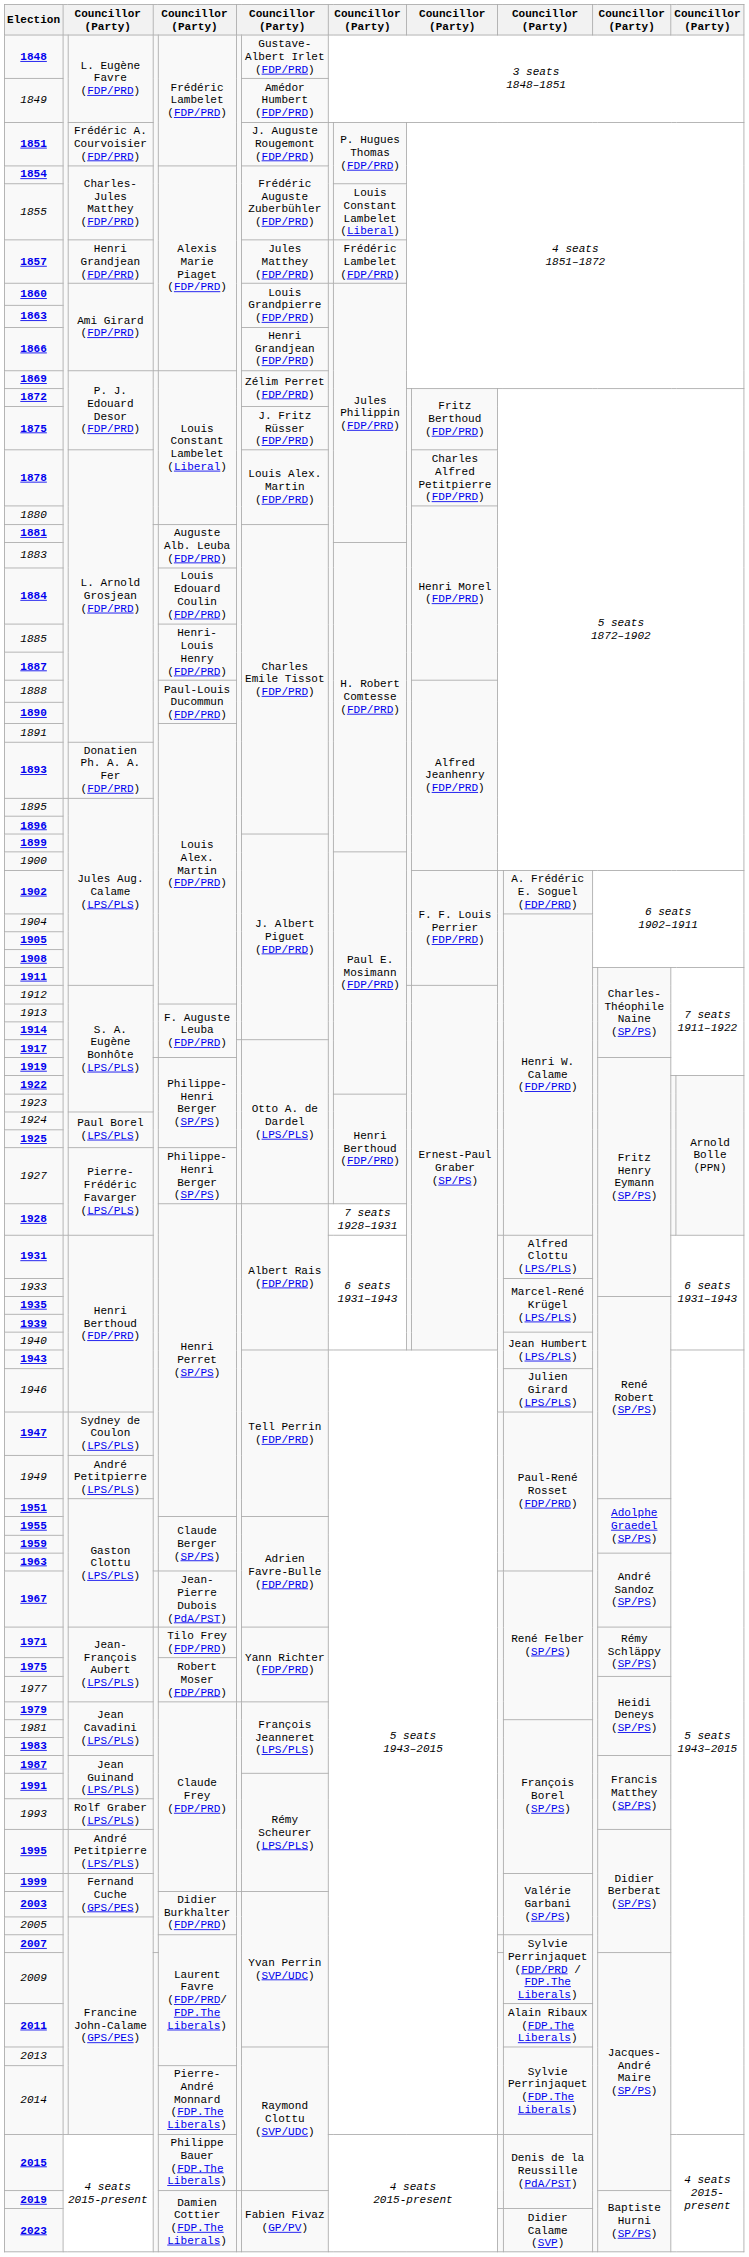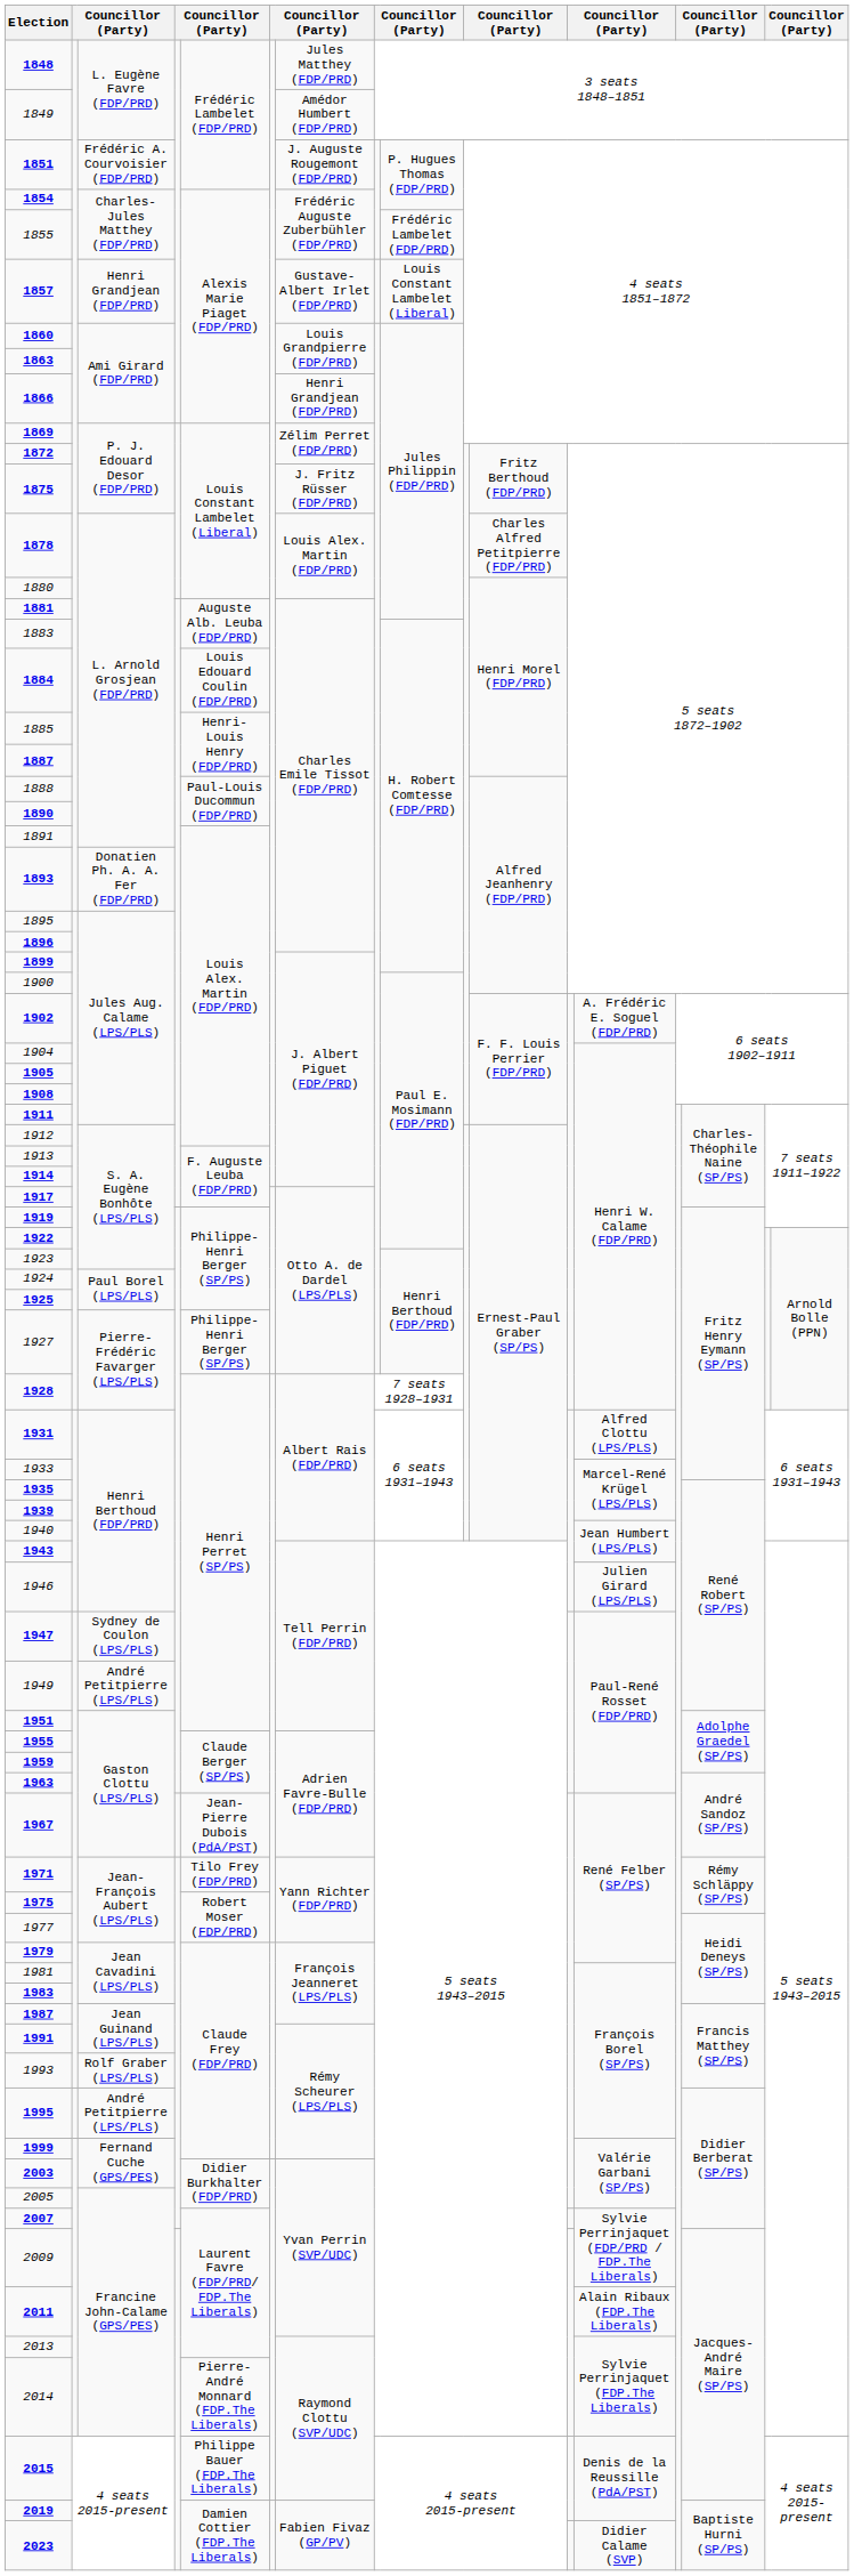 <table class="wikitable" style="text-align:center">
 <tr>
 <th>Election</th>
 <th colspan=2>Councillor<br>(Party)</th>
 <th colspan=2>Councillor<br>(Party)</th>
 <th colspan=2>Councillor<br>(Party)</th>
 <th colspan=2>Councillor<br>(Party)</th>
 <th colspan=2>Councillor<br>(Party)</th>
 <th colspan=2>Councillor<br>(Party)</th>
 <th colspan=2>Councillor<br>(Party)</th>
 <th colspan=2>Councillor<br>(Party)</th>
 </tr>
 <tr>
 <td><strong><a href='#'>1848</a></strong></td>
 <td rowspan=23; style="background-color: "></td>
 <td rowspan=2>L. Eugène Favre<br>(<a href='#'>FDP/PRD</a>)</td>
 <td rowspan=9; style="background-color: "></td>
 <td rowspan=3>Frédéric Lambelet<br>(<a href='#'>FDP/PRD</a>)</td>
 <td rowspan=35; style="background-color: "></td>
-<td rowspan=1>Gustave-Albert Irlet<br>(<a href='#'>FDP/PRD</a>)</td>
+<td rowspan=1>Jules Matthey<br>(<a href='#'>FDP/PRD</a>)</td>
 <td style="background-color:#FFFFFF" rowspan=2 colspan=10><em>3 seats<br>1848–1851</em></td>
 </tr>
 <tr>
 <td><em>1849</em></td>
 <td rowspan=1>Amédor Humbert<br>(<a href='#'>FDP/PRD</a>)</td>
 </tr>
 <tr>
 <td><strong><a href='#'>1851</a></strong></td>
 <td rowspan=1>Frédéric A. Courvoisier<br>(<a href='#'>FDP/PRD</a>)</td>
 <td rowspan=1>J. Auguste Rougemont<br>(<a href='#'>FDP/PRD</a>)</td>
 <td rowspan=3; style="background-color: "></td>
 <td rowspan=2>P. Hugues Thomas<br>(<a href='#'>FDP/PRD</a>)</td>
 <td style="background-color:#FFFFFF" rowspan=8 colspan=8><em>4 seats<br>1851–1872</em></td>
 </tr>
 <tr>
 <td><strong><a href='#'>1854</a></strong></td>
 <td rowspan=2>Charles-Jules Matthey<br>(<a href='#'>FDP/PRD</a>)</td>
 <td rowspan=6>Alexis Marie Piaget<br>(<a href='#'>FDP/PRD</a>)</td>
 <td rowspan=2>Frédéric Auguste Zuberbühler<br>(<a href='#'>FDP/PRD</a>)</td>
 </tr>
 <tr>
 <td><em>1855</em></td>
-<td rowspan=1>Louis Constant Lambelet<br>(<a href='#'>Liberal</a>)</td>
+<td rowspan=1>Frédéric Lambelet<br>(<a href='#'>FDP/PRD</a>)</td>
 </tr>
 <tr>
 <td><strong><a href='#'>1857</a></strong></td>
 <td rowspan=1>Henri Grandjean<br>(<a href='#'>FDP/PRD</a>)</td>
-<td rowspan=1>Jules Matthey<br>(<a href='#'>FDP/PRD</a>)</td>
+<td rowspan=1>Gustave-Albert Irlet<br>(<a href='#'>FDP/PRD</a>)</td>
 <td rowspan=1; style="background-color: "></td>
-<td rowspan=1>Frédéric Lambelet<br>(<a href='#'>FDP/PRD</a>)</td>
+<td rowspan=1>Louis Constant Lambelet<br>(<a href='#'>Liberal</a>)</td>
 </tr>
 <tr>
 <td><strong><a href='#'>1860</a></strong></td>
 <td rowspan=3>Ami Girard<br>(<a href='#'>FDP/PRD</a>)</td>
 <td rowspan=2>Louis Grandpierre<br>(<a href='#'>FDP/PRD</a>)</td>
 <td rowspan=36; style="background-color: "></td>
 <td rowspan=9>Jules Philippin<br>(<a href='#'>FDP/PRD</a>)</td>
 </tr>
 <tr>
 <td><strong><a href='#'>1863</a></strong></td>
 </tr>
 <tr>
 <td><strong><a href='#'>1866</a></strong></td>
 <td rowspan=1>Henri Grandjean<br>(<a href='#'>FDP/PRD</a>)</td>
 </tr>
 <tr>
 <td><strong><a href='#'>1869</a></strong></td>
 <td rowspan=3>P. J. Edouard Desor<br>(<a href='#'>FDP/PRD</a>)</td>
 <td rowspan=5; style="background-color: "></td>
 <td rowspan=5>Louis Constant Lambelet<br>(<a href='#'>Liberal</a>)</td>
 <td rowspan=2>Zélim Perret<br>(<a href='#'>FDP/PRD</a>)</td>
 </tr>
 <tr>
 <td><strong><a href='#'>1872</a></strong></td>
 <td rowspan=22; style="background-color: "></td>
 <td rowspan=2>Fritz Berthoud<br>(<a href='#'>FDP/PRD</a>)</td>
 <td style="background-color:#FFFFFF" rowspan=17 colspan=6><em>5 seats<br>1872–1902</em></td>
 </tr>
 <tr>
 <td><strong><a href='#'>1875</a></strong></td>
 <td rowspan=1>J. Fritz Rüsser<br>(<a href='#'>FDP/PRD</a>)</td>
 </tr>
 <tr>
 <td><strong><a href='#'>1878</a></strong></td>
 <td rowspan=10>L. Arnold Grosjean<br>(<a href='#'>FDP/PRD</a>)</td>
 <td rowspan=2>Louis Alex. Martin<br>(<a href='#'>FDP/PRD</a>)</td>
 <td rowspan=1>Charles Alfred Petitpierre<br>(<a href='#'>FDP/PRD</a>)</td>
 </tr>
 <tr>
 <td><em>1880</em></td>
 <td rowspan=6>Henri Morel<br>(<a href='#'>FDP/PRD</a>)</td>
 </tr>
 <tr>
 <td><strong><a href='#'>1881</a></strong></td>
 <td rowspan=22; style="background-color: "></td>
 <td rowspan=2>Auguste Alb. Leuba<br>(<a href='#'>FDP/PRD</a>)</td>
 <td rowspan=11>Charles Emile Tissot<br>(<a href='#'>FDP/PRD</a>)</td>
 </tr>
 <tr>
 <td><em>1883</em></td>
 <td rowspan=11>H. Robert Comtesse<br>(<a href='#'>FDP/PRD</a>)</td>
 </tr>
 <tr>
 <td><strong><a href='#'>1884</a></strong></td>
 <td rowspan=1>Louis Edouard Coulin<br>(<a href='#'>FDP/PRD</a>)</td>
 </tr>
 <tr>
 <td><em>1885</em></td>
 <td rowspan=2>Henri-Louis Henry<br>(<a href='#'>FDP/PRD</a>)</td>
 </tr>
 <tr>
 <td><strong><a href='#'>1887</a></strong></td>
 </tr>
 <tr>
 <td><em>1888</em></td>
 <td rowspan=2>Paul-Louis Ducommun<br>(<a href='#'>FDP/PRD</a>)</td>
 <td rowspan=8>Alfred Jeanhenry<br>(<a href='#'>FDP/PRD</a>)</td>
 </tr>
 <tr>
 <td><strong><a href='#'>1890</a></strong></td>
 </tr>
 <tr>
 <td><em>1891</em></td>
 <td rowspan=12>Louis Alex. Martin<br>(<a href='#'>FDP/PRD</a>)</td>
 </tr>
 <tr>
 <td><strong><a href='#'>1893</a></strong></td>
 <td rowspan=1>Donatien Ph. A. A. Fer<br>(<a href='#'>FDP/PRD</a>)</td>
 </tr>
 <tr>
 <td><em>1895</em></td>
 <td rowspan=20; style="background-color: "></td>
 <td rowspan=9>Jules Aug. Calame<br>(<a href='#'>LPS/PLS</a>)</td>
 </tr>
 <tr>
 <td><strong><a href='#'>1896</a></strong></td>
 </tr>
 <tr>
 <td><strong><a href='#'>1899</a></strong></td>
 <td rowspan=10>J. Albert Piguet<br>(<a href='#'>FDP/PRD</a>)</td>
 </tr>
 <tr>
 <td><em>1900</em></td>
 <td rowspan=12>Paul E. Mosimann<br>(<a href='#'>FDP/PRD</a>)</td>
 </tr>
 <tr>
 <td><strong><a href='#'>1902</a></strong></td>
 <td rowspan=5>F. F. Louis Perrier<br>(<a href='#'>FDP/PRD</a>)</td>
 <td rowspan=16; style="background-color: "></td>
 <td rowspan=1>A. Frédéric E. Soguel<br>(<a href='#'>FDP/PRD</a>)</td>
 <td style="background-color:#FFFFFF" rowspan=4 colspan=4><em>6 seats<br>1902–1911</em></td>
 </tr>
 <tr>
 <td><em>1904</em></td>
 <td rowspan=15>Henri W. Calame<br>(<a href='#'>FDP/PRD</a>)</td>
 </tr>
 <tr>
 <td><strong><a href='#'>1905</a></strong></td>
 </tr>
 <tr>
 <td><strong><a href='#'>1908</a></strong></td>
 </tr>
 <tr>
 <td><strong><a href='#'>1911</a></strong></td>
 <td rowspan=47; style="background-color: "></td>
 <td rowspan=5>Charles-Théophile Naine<br>(<a href='#'>SP/PS</a>)</td>
 <td style="background-color:#FFFFFF" rowspan=6 colspan=2><em>7 seats<br>1911–1922</em></td>
 </tr>
 <tr>
 <td><em>1912</em></td>
 <td rowspan=7>S. A. Eugène Bonhôte<br>(<a href='#'>LPS/PLS</a>)</td>
 <td rowspan=16; style="background-color: "></td>
 <td rowspan=16>Ernest-Paul Graber<br>(<a href='#'>SP/PS</a>)</td>
 </tr>
 <tr>
 <td><em>1913</em></td>
 <td rowspan=3>F. Auguste Leuba<br>(<a href='#'>FDP/PRD</a>)</td>
 </tr>
 <tr>
 <td><strong><a href='#'>1914</a></strong></td>
 </tr>
 <tr>
 <td><strong><a href='#'>1917</a></strong></td>
 <td rowspan=7; style="background-color: "></td>
 <td rowspan=7>Otto A. de Dardel<br>(<a href='#'>LPS/PLS</a>)</td>
 </tr>
 <tr>
 <td><strong><a href='#'>1919</a></strong></td>
 <td rowspan=20; style="background-color: "></td>
 <td rowspan=5>Philippe-Henri Berger<br>(<a href='#'>SP/PS</a>)</td>
 <td rowspan=9>Fritz Henry Eymann<br>(<a href='#'>SP/PS</a>)</td>
 </tr>
 <tr>
 <td><strong><a href='#'>1922</a></strong></td>
 <td rowspan=6; style="background-color: "></td>
 <td rowspan=6>Arnold Bolle<br>(PPN)</td>
 </tr>
 <tr>
 <td><em>1923</em></td>
 <td rowspan=4>Henri Berthoud<br>(<a href='#'>FDP/PRD</a>)</td>
 </tr>
 <tr>
 <td><em>1924</em></td>
 <td rowspan=2>Paul Borel<br>(<a href='#'>LPS/PLS</a>)</td>
 </tr>
 <tr>
 <td><strong><a href='#'>1925</a></strong></td>
 </tr>
 <tr>
 <td><em>1927</em></td>
 <td rowspan=2>Pierre-Frédéric Favarger<br>(<a href='#'>LPS/PLS</a>)</td>
 <td rowspan=1>Philippe-Henri Berger<br>(<a href='#'>SP/PS</a>)</td>
 </tr>
 <tr>
 <td><strong><a href='#'>1928</a></strong></td>
 <td rowspan=11>Henri Perret<br>(<a href='#'>SP/PS</a>)</td>
 <td rowspan=18; style="background-color: "></td>
 <td rowspan=6>Albert Rais<br>(<a href='#'>FDP/PRD</a>)</td>
 <td style="background-color:#FFFFFF" rowspan=1 colspan=2><em>7 seats<br>1928–1931</em></td>
 </tr>
 <tr>
 <td><strong><a href='#'>1931</a></strong></td>
 <td rowspan=7; style="background-color: "></td>
 <td rowspan=7>Henri Berthoud<br>(<a href='#'>FDP/PRD</a>)</td>
 <td style="background-color:#FFFFFF" rowspan=5 colspan=2><em>6 seats<br>1931–1943</em></td>
 <td rowspan=7; style="background-color: "></td>
 <td rowspan=1>Alfred Clottu<br>(<a href='#'>LPS/PLS</a>)</td>
 <td style="background-color:#FFFFFF" rowspan=5 colspan=2><em>6 seats<br>1931–1943</em></td>
 </tr>
 <tr>
 <td><em>1933</em></td>
 <td rowspan=3>Marcel-René Krügel<br>(<a href='#'>LPS/PLS</a>)</td>
 </tr>
 <tr>
 <td><strong><a href='#'>1935</a></strong></td>
 <td rowspan=7>René Robert<br>(<a href='#'>SP/PS</a>)</td>
 </tr>
 <tr>
 <td><strong><a href='#'>1939</a></strong></td>
 </tr>
 <tr>
 <td><em>1940</em></td>
 <td rowspan=2>Jean Humbert<br>(<a href='#'>LPS/PLS</a>)</td>
 </tr>
 <tr>
 <td><strong><a href='#'>1943</a></strong></td>
 <td rowspan=5>Tell Perrin<br>(<a href='#'>FDP/PRD</a>)</td>
 <td style="background-color:#FFFFFF" rowspan=27 colspan=4><em>5 seats<br>1943–2015</em></td>
 <td style="background-color:#FFFFFF" rowspan=27 colspan=2><em>5 seats<br>1943–2015</em></td>
 </tr>
 <tr>
 <td><em>1946</em></td>
 <td rowspan=1>Julien Girard<br>(<a href='#'>LPS/PLS</a>)</td>
 </tr>
 <tr>
 <td><strong><a href='#'>1947</a></strong></td>
 <td rowspan=16; style="background-color: "></td>
 <td rowspan=1>Sydney de Coulon<br>(<a href='#'>LPS/PLS</a>)</td>
 <td rowspan=6; style="background-color: "></td>
 <td rowspan=6>Paul-René Rosset<br>(<a href='#'>FDP/PRD</a>)</td>
 </tr>
 <tr>
 <td><em>1949</em></td>
 <td rowspan=1>André Petitpierre<br>(<a href='#'>LPS/PLS</a>)</td>
 </tr>
 <tr>
 <td><strong><a href='#'>1951</a></strong></td>
 <td rowspan=5>Gaston Clottu<br>(<a href='#'>LPS/PLS</a>)</td>
 <td rowspan=3><a href='#'>Adolphe Graedel</a><br>(<a href='#'>SP/PS</a>)</td>
 </tr>
 <tr>
 <td><strong><a href='#'>1955</a></strong></td>
 <td rowspan=3>Claude Berger<br>(<a href='#'>SP/PS</a>)</td>
 <td rowspan=4>Adrien Favre-Bulle<br>(<a href='#'>FDP/PRD</a>)</td>
 </tr>
 <tr>
 <td><strong><a href='#'>1959</a></strong></td>
 </tr>
 <tr>
 <td><strong><a href='#'>1963</a></strong></td>
 <td rowspan=2>André Sandoz<br>(<a href='#'>SP/PS</a>)</td>
 </tr>
 <tr>
 <td><strong><a href='#'>1967</a></strong></td>
 <td rowspan=1; style="background-color: "></td>
 <td rowspan=1>Jean-Pierre Dubois<br>(<a href='#'>PdA/PST</a>)</td>
 <td rowspan=14; style="background-color: "></td>
 <td rowspan=5>René Felber<br>(<a href='#'>SP/PS</a>)</td>
 </tr>
 <tr>
 <td><strong><a href='#'>1971</a></strong></td>
 <td rowspan=3>Jean-François Aubert<br>(<a href='#'>LPS/PLS</a>)</td>
 <td rowspan=14; style="background-color: "></td>
 <td rowspan=1>Tilo Frey<br>(<a href='#'>FDP/PRD</a>)</td>
 <td rowspan=3>Yann Richter<br>(<a href='#'>FDP/PRD</a>)</td>
 <td rowspan=2>Rémy Schläppy<br>(<a href='#'>SP/PS</a>)</td>
 </tr>
 <tr>
 <td><strong><a href='#'>1975</a></strong></td>
 <td rowspan=2>Robert Moser<br>(<a href='#'>FDP/PRD</a>)</td>
 </tr>
 <tr>
 <td><em>1977</em></td>
 <td rowspan=4>Heidi Deneys<br>(<a href='#'>SP/PS</a>)</td>
 </tr>
 <tr>
 <td><strong><a href='#'>1979</a></strong></td>
 <td rowspan=3>Jean Cavadini<br>(<a href='#'>LPS/PLS</a>)</td>
 <td rowspan=8>Claude Frey<br>(<a href='#'>FDP/PRD</a>)</td>
 <td rowspan=8; style="background-color: "></td>
 <td rowspan=4>François Jeanneret<br>(<a href='#'>LPS/PLS</a>)</td>
 </tr>
 <tr>
 <td><em>1981</em></td>
 <td rowspan=6>François Borel<br>(<a href='#'>SP/PS</a>)</td>
 </tr>
 <tr>
 <td><strong><a href='#'>1983</a></strong></td>
 </tr>
 <tr>
 <td><strong><a href='#'>1987</a></strong></td>
 <td rowspan=2>Jean Guinand<br>(<a href='#'>LPS/PLS</a>)</td>
 <td rowspan=3>Francis Matthey<br>(<a href='#'>SP/PS</a>)</td>
 </tr>
 <tr>
 <td><strong><a href='#'>1991</a></strong></td>
 <td rowspan=4>Rémy Scheurer<br>(<a href='#'>LPS/PLS</a>)</td>
 </tr>
 <tr>
 <td><em>1993</em></td>
 <td rowspan=1>Rolf Graber<br>(<a href='#'>LPS/PLS</a>)</td>
 </tr>
 <tr>
 <td><strong><a href='#'>1995</a></strong></td>
 <td rowspan=1; style="background-color: "></td>
 <td rowspan=1>André Petitpierre<br>(<a href='#'>LPS/PLS</a>)</td>
 <td rowspan=5>Didier Berberat<br>(<a href='#'>SP/PS</a>)</td>
 </tr>
 <tr>
 <td><strong><a href='#'>1999</a></strong></td>
 <td rowspan=8; style="background-color: "></td>
 <td rowspan=2>Fernand Cuche<br>(<a href='#'>GPS/PES</a>)</td>
 <td rowspan=3>Valérie Garbani<br>(<a href='#'>SP/PS</a>)</td>
 </tr>
 <tr>
 <td><strong><a href='#'>2003</a></strong></td>
 <td rowspan=2>Didier Burkhalter<br>(<a href='#'>FDP/PRD</a>)</td>
 <td rowspan=8; style="background-color: "></td>
 <td rowspan=5>Yvan Perrin<br>(<a href='#'>SVP/UDC</a>)</td>
 </tr>
 <tr>
 <td><em>2005</em></td>
 <td rowspan=6>Francine John-Calame<br>(<a href='#'>GPS/PES</a>)</td>
 </tr>
 <tr>
 <td><strong><a href='#'>2007</a></strong></td>
 <td rowspan=4>Laurent Favre<br>(<a href='#'>FDP/PRD</a>/<br><a href='#'>FDP.The Liberals</a>)</td>
 <td rowspan=1; style="background-color: "></td>
 <td rowspan=2>Sylvie Perrinjaquet<br>(<a href='#'>FDP/PRD</a> /<br><a href='#'>FDP.The Liberals</a>)</td>
 </tr>
 <tr>
 <td><em>2009</em></td>
 <td rowspan=7; style="background-color: "></td>
 <td rowspan=4; style="background-color: "></td>
 <td rowspan=5>Jacques-André Maire<br>(<a href='#'>SP/PS</a>)</td>
 </tr>
 <tr>
 <td><strong><a href='#'>2011</a></strong></td>
 <td rowspan=1>Alain Ribaux<br>(<a href='#'>FDP.The Liberals</a>)</td>
 </tr>
 <tr>
 <td><em>2013</em></td>
 <td rowspan=3>Raymond Clottu<br>(<a href='#'>SVP/UDC</a>)</td>
 <td rowspan=2>Sylvie Perrinjaquet<br>(<a href='#'>FDP.The Liberals</a>)</td>
 </tr>
 <tr>
 <td><em>2014</em></td>
 <td rowspan=1>Pierre-André Monnard<br>(<a href='#'>FDP.The Liberals</a>)</td>
 </tr>
 <tr>
 <td><strong><a href='#'>2015</a></strong></td>
 <td style="background-color:#FFFFFF" rowspan=3 colspan=2><em>4 seats<br>2015-present</em></td>
 <td rowspan=1>Philippe Bauer<br>(<a href='#'>FDP.The Liberals</a>)</td>
 <td style="background-color:#FFFFFF" rowspan=3 colspan=4><em>4 seats<br>2015-present</em></td>
 <td rowspan=2; style="background-color: "></td>
 <td rowspan=2>Denis de la Reussille<br>(<a href='#'>PdA/PST</a>)</td>
 <td style="background-color:#FFFFFF" rowspan=3 colspan=2><em>4 seats<br>2015-present</em></td>
 </tr>
 <tr>
 <td><strong><a href='#'>2019</a></strong></td>
 <td rowspan=2>Damien Cottier<br>(<a href='#'>FDP.The Liberals</a>)</td>
 <td rowspan=2; style="background-color: "></td>
 <td rowspan=2>Fabien Fivaz<br>(<a href='#'>GP/PV</a>)</td>
 <td rowspan=2>Baptiste Hurni<br>(<a href='#'>SP/PS</a>)</td>
 </tr>
 <tr>
 <td><strong><a href='#'>2023</a></strong></td>
 <td rowspan=1; style="background-color: "></td>
 <td rowspan=1>Didier Calame<br>(<a href='#'>SVP</a>)</td>
 </tr>
 </table>
